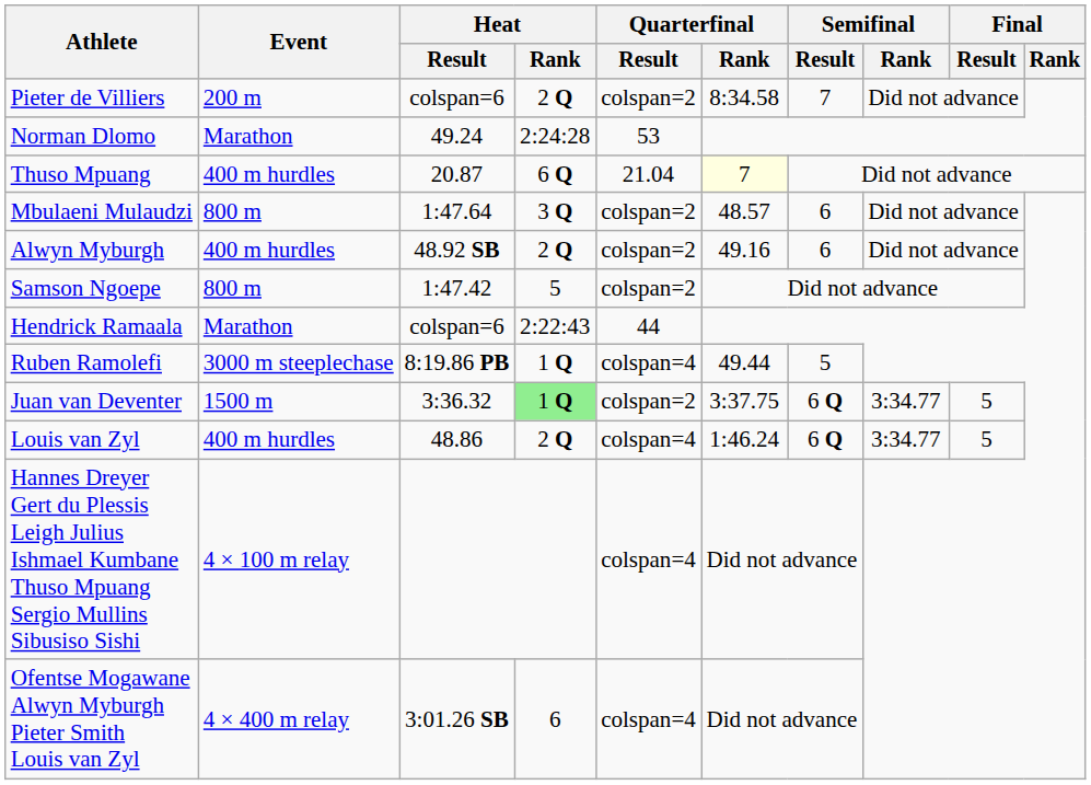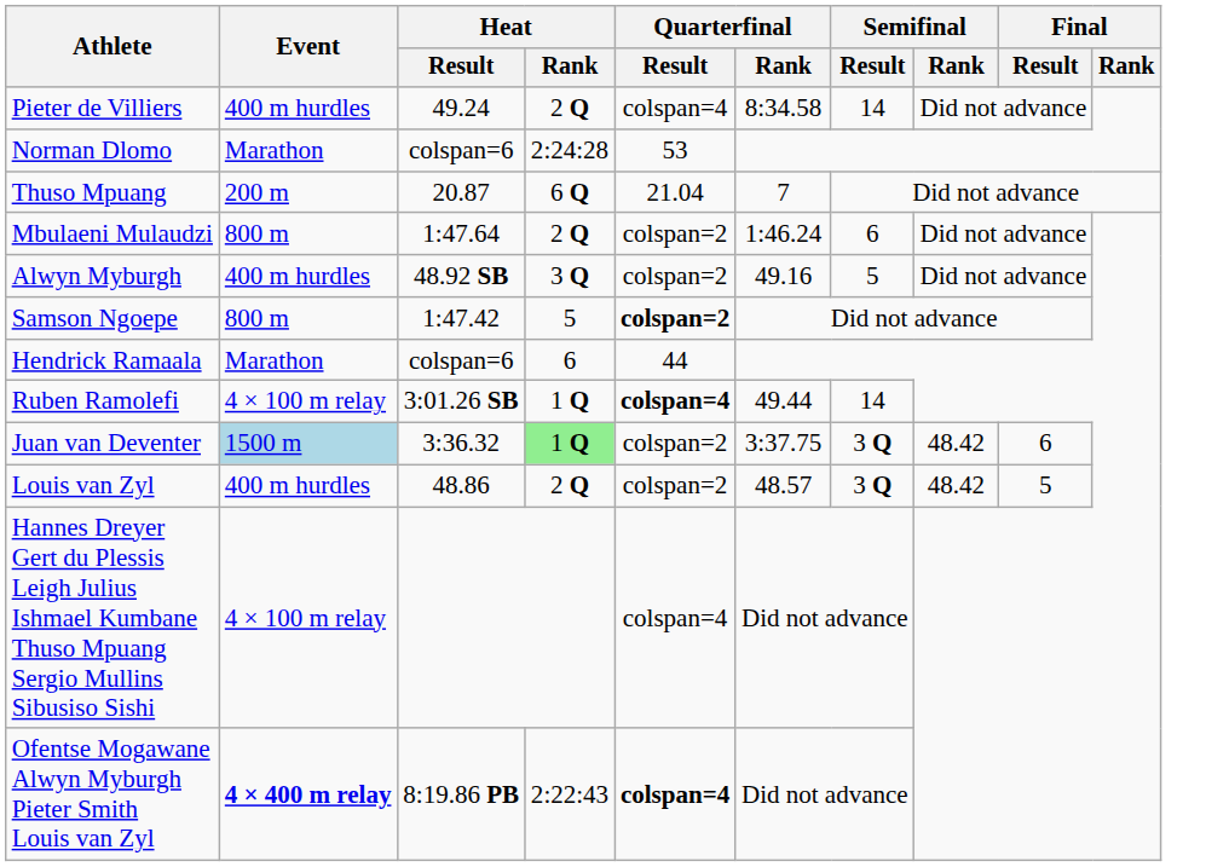 <table class=wikitable style="font-size:90%">
 <tr>
 <th rowspan="2">Athlete</th>
 <th rowspan="2">Event</th>
 <th colspan="2">Heat</th>
 <th colspan="2">Quarterfinal</th>
 <th colspan="2">Semifinal</th>
 <th colspan="2">Final</th>
 </tr>
 <tr style="font-size:95%">
 <th>Result</th>
 <th>Rank</th>
 <th>Result</th>
 <th>Rank</th>
 <th>Result</th>
 <th>Rank</th>
 <th>Result</th>
 <th>Rank</th>
 </tr>
 <tr align=center>
 <td align=left><a href='#'>Pieter de Villiers</a></td>
-<td align=left><a href='#'>200 m</a></td>
-<td>colspan=6 </td>
+<td align=left><a href='#'>400 m hurdles</a></td>
+<td>49.24</td>
 <td>2 <strong>Q</strong></td>
-<td>colspan=2 </td>
+<td>colspan=4 </td>
 <td>8:34.58</td>
-<td>7</td>
+<td>14</td>
 <td colspan=2>Did not advance</td>
 </tr>
 <tr align=center>
 <td align=left><a href='#'>Norman Dlomo</a></td>
 <td align=left><a href='#'>Marathon</a></td>
-<td>49.24</td>
+<td>colspan=6 </td>
 <td>2:24:28</td>
 <td>53</td>
 </tr>
 <tr align=center>
 <td align=left><a href='#'>Thuso Mpuang</a></td>
-<td align=left><a href='#'>400 m hurdles</a></td>
+<td align=left><a href='#'>200 m</a></td>
 <td>20.87</td>
 <td>6 <strong>Q</strong></td>
 <td>21.04</td>
-<td style="background: lightyellow;">7</td>
+<td>7</td>
 <td colspan=4>Did not advance</td>
 </tr>
 <tr align=center>
 <td align=left><a href='#'>Mbulaeni Mulaudzi</a></td>
 <td align=left><a href='#'>800 m</a></td>
 <td>1:47.64</td>
-<td>3 <strong>Q</strong></td>
+<td>2 <strong>Q</strong></td>
 <td>colspan=2 </td>
-<td>48.57</td>
+<td>1:46.24</td>
 <td>6</td>
 <td colspan=2>Did not advance</td>
 </tr>
 <tr align=center>
 <td align=left><a href='#'>Alwyn Myburgh</a></td>
 <td align=left><a href='#'>400 m hurdles</a></td>
 <td>48.92 <strong>SB</strong></td>
-<td>2 <strong>Q</strong></td>
+<td>3 <strong>Q</strong></td>
 <td>colspan=2 </td>
 <td>49.16</td>
-<td>6</td>
+<td>5</td>
 <td colspan=2>Did not advance</td>
 </tr>
 <tr align=center>
 <td align=left><a href='#'>Samson Ngoepe</a></td>
 <td align=left><a href='#'>800 m</a></td>
 <td>1:47.42</td>
 <td>5</td>
-<td>colspan=2 </td>
+<td><strong>colspan=2 </strong></td>
 <td colspan=4>Did not advance</td>
 </tr>
 <tr align=center>
 <td align=left><a href='#'>Hendrick Ramaala</a></td>
 <td align=left><a href='#'>Marathon</a></td>
 <td>colspan=6 </td>
-<td>2:22:43</td>
+<td>6</td>
 <td>44</td>
 </tr>
 <tr align=center>
 <td align=left><a href='#'>Ruben Ramolefi</a></td>
-<td align=left><a href='#'>3000 m steeplechase</a></td>
-<td>8:19.86 <strong>PB</strong></td>
+<td align=left><a href='#'>4 × 100 m relay</a></td>
+<td>3:01.26 <strong>SB</strong></td>
 <td>1 <strong>Q</strong></td>
-<td>colspan=4 </td>
+<td><strong>colspan=4 </strong></td>
 <td>49.44</td>
-<td>5</td>
+<td>14</td>
 </tr>
 <tr align=center>
 <td align=left><a href='#'>Juan van Deventer</a></td>
-<td align=left><a href='#'>1500 m</a></td>
+<td align=left style="background: lightblue;"><a href='#'>1500 m</a></td>
 <td>3:36.32</td>
 <td style="background: lightgreen;">1 <strong>Q</strong></td>
 <td>colspan=2 </td>
 <td>3:37.75</td>
-<td>6 <strong>Q</strong></td>
-<td>3:34.77</td>
-<td>5</td>
+<td>3 <strong>Q</strong></td>
+<td>48.42</td>
+<td>6</td>
 </tr>
 <tr align=center>
 <td align=left><a href='#'>Louis van Zyl</a></td>
 <td align=left><a href='#'>400 m hurdles</a></td>
 <td>48.86</td>
 <td>2 <strong>Q</strong></td>
-<td>colspan=4 </td>
-<td>1:46.24</td>
-<td>6 <strong>Q</strong></td>
-<td>3:34.77</td>
+<td>colspan=2 </td>
+<td>48.57</td>
+<td>3 <strong>Q</strong></td>
+<td>48.42</td>
 <td>5</td>
 </tr>
 <tr align=center>
 <td align=left><a href='#'>Hannes Dreyer</a><br><a href='#'>Gert du Plessis</a><br><a href='#'>Leigh Julius</a><br><a href='#'>Ishmael Kumbane</a><br><a href='#'>Thuso Mpuang</a><br><a href='#'>Sergio Mullins</a><br><a href='#'>Sibusiso Sishi</a></td>
 <td align=left><a href='#'>4 × 100 m relay</a></td>
 <td colspan=2></td>
 <td>colspan=4 </td>
 <td colspan=2>Did not advance</td>
 </tr>
 <tr align=center>
 <td align=left><a href='#'>Ofentse Mogawane</a><br><a href='#'>Alwyn Myburgh</a><br><a href='#'>Pieter Smith</a><br><a href='#'>Louis van Zyl</a></td>
-<td align=left><a href='#'>4 × 400 m relay</a></td>
-<td>3:01.26 <strong>SB</strong></td>
-<td>6</td>
-<td>colspan=4 </td>
+<td align=left><strong><a href='#'>4 × 400 m relay</a></strong></td>
+<td>8:19.86 <strong>PB</strong></td>
+<td>2:22:43</td>
+<td><strong>colspan=4 </strong></td>
 <td colspan=2>Did not advance</td>
 </tr>
 </table>
